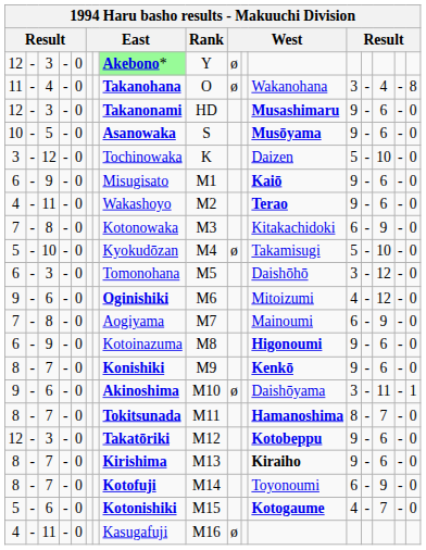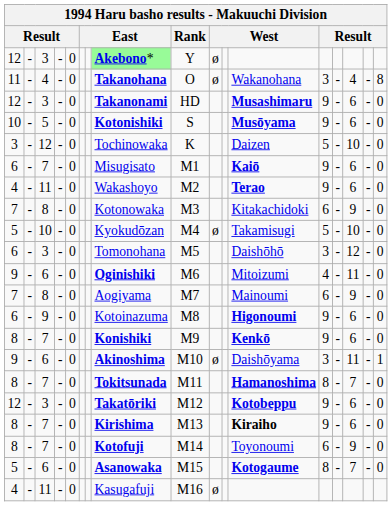 <table class="wikitable">
 <tr>
 <th colspan="17">1994 Haru basho results - Makuuchi Division</th>
 </tr>
 <tr>
 <th colspan="5">Result</th>
 <th colspan="3">East</th>
 <th>Rank</th>
 <th colspan="3">West</th>
 <th colspan="5">Result</th>
 </tr>
 <tr>
 <td align=center>12</td>
 <td align=center>-</td>
 <td align=center>3</td>
 <td align=center>-</td>
 <td align=center>0</td>
 <td align=center></td>
 <td align=center></td>
 <td style="background: PaleGreen;"><strong><a href='#'>Akebono</a></strong>*</td>
 <td align=center>Y</td>
 <td align=center>ø</td>
 <td align=center></td>
 <td></td>
 <td align=center></td>
 <td align=center></td>
 <td align=center></td>
 <td align=center></td>
 <td align=center></td>
 </tr>
 <tr>
 <td align=center>11</td>
 <td align=center>-</td>
 <td align=center>4</td>
 <td align=center>-</td>
 <td align=center>0</td>
 <td align=center></td>
 <td align=center></td>
 <td><strong><a href='#'>Takanohana</a></strong></td>
 <td align=center>O</td>
 <td align=center>ø</td>
 <td align=center></td>
 <td><a href='#'>Wakanohana</a></td>
 <td align=center>3</td>
 <td align=center>-</td>
 <td align=center>4</td>
 <td align=center>-</td>
 <td align=center>8</td>
 </tr>
 <tr>
 <td align=center>12</td>
 <td align=center>-</td>
 <td align=center>3</td>
 <td align=center>-</td>
 <td align=center>0</td>
 <td align=center></td>
 <td align=center></td>
 <td><strong><a href='#'>Takanonami</a></strong></td>
 <td align=center>HD</td>
 <td align=center></td>
 <td align=center></td>
 <td><strong><a href='#'>Musashimaru</a></strong></td>
 <td align=center>9</td>
 <td align=center>-</td>
 <td align=center>6</td>
 <td align=center>-</td>
 <td align=center>0</td>
 </tr>
 <tr>
 <td align=center>10</td>
 <td align=center>-</td>
 <td align=center>5</td>
 <td align=center>-</td>
 <td align=center>0</td>
 <td align=center></td>
 <td align=center></td>
-<td><strong><a href='#'>Asanowaka</a></strong></td>
+<td><strong><a href='#'>Kotonishiki</a></strong></td>
 <td align=center>S</td>
 <td align=center></td>
 <td align=center></td>
 <td><strong><a href='#'>Musōyama</a></strong></td>
 <td align=center>9</td>
 <td align=center>-</td>
 <td align=center>6</td>
 <td align=center>-</td>
 <td align=center>0</td>
 </tr>
 <tr>
 <td align=center>3</td>
 <td align=center>-</td>
 <td align=center>12</td>
 <td align=center>-</td>
 <td align=center>0</td>
 <td align=center></td>
 <td align=center></td>
 <td><a href='#'>Tochinowaka</a></td>
 <td align=center>K</td>
 <td align=center></td>
 <td align=center></td>
 <td><a href='#'>Daizen</a></td>
 <td align=center>5</td>
 <td align=center>-</td>
 <td align=center>10</td>
 <td align=center>-</td>
 <td align=center>0</td>
 </tr>
 <tr>
 <td align=center>6</td>
 <td align=center>-</td>
-<td align=center>9</td>
+<td align=center>7</td>
 <td align=center>-</td>
 <td align=center>0</td>
 <td align=center></td>
 <td align=center></td>
 <td><a href='#'>Misugisato</a></td>
 <td align=center>M1</td>
 <td align=center></td>
 <td align=center></td>
 <td><strong><a href='#'>Kaiō</a></strong></td>
 <td align=center>9</td>
 <td align=center>-</td>
 <td align=center>6</td>
 <td align=center>-</td>
 <td align=center>0</td>
 </tr>
 <tr>
 <td align=center>4</td>
 <td align=center>-</td>
 <td align=center>11</td>
 <td align=center>-</td>
 <td align=center>0</td>
 <td align=center></td>
 <td align=center></td>
 <td><a href='#'>Wakashoyo</a></td>
 <td align=center>M2</td>
 <td align=center></td>
 <td align=center></td>
 <td><strong><a href='#'>Terao</a></strong></td>
 <td align=center>9</td>
 <td align=center>-</td>
 <td align=center>6</td>
 <td align=center>-</td>
 <td align=center>0</td>
 </tr>
 <tr>
 <td align=center>7</td>
 <td align=center>-</td>
 <td align=center>8</td>
 <td align=center>-</td>
 <td align=center>0</td>
 <td align=center></td>
 <td align=center></td>
 <td><a href='#'>Kotonowaka</a></td>
 <td align=center>M3</td>
 <td align=center></td>
 <td align=center></td>
 <td><a href='#'>Kitakachidoki</a></td>
 <td align=center>6</td>
 <td align=center>-</td>
 <td align=center>9</td>
 <td align=center>-</td>
 <td align=center>0</td>
 </tr>
 <tr>
 <td align=center>5</td>
 <td align=center>-</td>
 <td align=center>10</td>
 <td align=center>-</td>
 <td align=center>0</td>
 <td align=center></td>
 <td align=center></td>
 <td><a href='#'>Kyokudōzan</a></td>
 <td align=center>M4</td>
 <td align=center>ø</td>
 <td align=center></td>
 <td><a href='#'>Takamisugi</a></td>
 <td align=center>5</td>
 <td align=center>-</td>
 <td align=center>10</td>
 <td align=center>-</td>
 <td align=center>0</td>
 </tr>
 <tr>
 <td align=center>6</td>
 <td align=center>-</td>
 <td align=center>3</td>
 <td align=center>-</td>
 <td align=center>0</td>
 <td align=center></td>
 <td align=center></td>
 <td><a href='#'>Tomonohana</a></td>
 <td align=center>M5</td>
 <td align=center></td>
 <td align=center></td>
 <td><a href='#'>Daishōhō</a></td>
 <td align=center>3</td>
 <td align=center>-</td>
 <td align=center>12</td>
 <td align=center>-</td>
 <td align=center>0</td>
 </tr>
 <tr>
 <td align=center>9</td>
 <td align=center>-</td>
 <td align=center>6</td>
 <td align=center>-</td>
 <td align=center>0</td>
 <td align=center></td>
 <td align=center></td>
 <td><strong><a href='#'>Oginishiki</a></strong></td>
 <td align=center>M6</td>
 <td align=center></td>
 <td align=center></td>
 <td><a href='#'>Mitoizumi</a></td>
 <td align=center>4</td>
 <td align=center>-</td>
-<td align=center>12</td>
+<td align=center>11</td>
 <td align=center>-</td>
 <td align=center>0</td>
 </tr>
 <tr>
 <td align=center>7</td>
 <td align=center>-</td>
 <td align=center>8</td>
 <td align=center>-</td>
 <td align=center>0</td>
 <td align=center></td>
 <td align=center></td>
 <td><a href='#'>Aogiyama</a></td>
 <td align=center>M7</td>
 <td align=center></td>
 <td align=center></td>
 <td><a href='#'>Mainoumi</a></td>
 <td align=center>6</td>
 <td align=center>-</td>
 <td align=center>9</td>
 <td align=center>-</td>
 <td align=center>0</td>
 </tr>
 <tr>
 <td align=center>6</td>
 <td align=center>-</td>
 <td align=center>9</td>
 <td align=center>-</td>
 <td align=center>0</td>
 <td align=center></td>
 <td align=center></td>
 <td><a href='#'>Kotoinazuma</a></td>
 <td align=center>M8</td>
 <td align=center></td>
 <td align=center></td>
 <td><strong><a href='#'>Higonoumi</a></strong></td>
 <td align=center>9</td>
 <td align=center>-</td>
 <td align=center>6</td>
 <td align=center>-</td>
 <td align=center>0</td>
 </tr>
 <tr>
 <td align=center>8</td>
 <td align=center>-</td>
 <td align=center>7</td>
 <td align=center>-</td>
 <td align=center>0</td>
 <td align=center></td>
 <td align=center></td>
 <td><strong><a href='#'>Konishiki</a></strong></td>
 <td align=center>M9</td>
 <td align=center></td>
 <td align=center></td>
 <td><strong><a href='#'>Kenkō</a></strong></td>
 <td align=center>9</td>
 <td align=center>-</td>
 <td align=center>6</td>
 <td align=center>-</td>
 <td align=center>0</td>
 </tr>
 <tr>
 <td align=center>9</td>
 <td align=center>-</td>
 <td align=center>6</td>
 <td align=center>-</td>
 <td align=center>0</td>
 <td align=center></td>
 <td align=center></td>
 <td><strong><a href='#'>Akinoshima</a></strong></td>
 <td align=center>M10</td>
 <td align=center>ø</td>
 <td align=center></td>
 <td><a href='#'>Daishōyama</a></td>
 <td align=center>3</td>
 <td align=center>-</td>
 <td align=center>11</td>
 <td align=center>-</td>
 <td align=center>1</td>
 </tr>
 <tr>
 <td align=center>8</td>
 <td align=center>-</td>
 <td align=center>7</td>
 <td align=center>-</td>
 <td align=center>0</td>
 <td align=center></td>
 <td align=center></td>
 <td><strong><a href='#'>Tokitsunada</a></strong></td>
 <td align=center>M11</td>
 <td align=center></td>
 <td align=center></td>
 <td><strong><a href='#'>Hamanoshima</a></strong></td>
 <td align=center>8</td>
 <td align=center>-</td>
 <td align=center>7</td>
 <td align=center>-</td>
 <td align=center>0</td>
 </tr>
 <tr>
 <td align=center>12</td>
 <td align=center>-</td>
 <td align=center>3</td>
 <td align=center>-</td>
 <td align=center>0</td>
 <td align=center></td>
 <td align=center></td>
 <td><strong><a href='#'>Takatōriki</a></strong></td>
 <td align=center>M12</td>
 <td align=center></td>
 <td align=center></td>
 <td><strong><a href='#'>Kotobeppu</a></strong></td>
 <td align=center>9</td>
 <td align=center>-</td>
 <td align=center>6</td>
 <td align=center>-</td>
 <td align=center>0</td>
 </tr>
 <tr>
 <td align=center>8</td>
 <td align=center>-</td>
 <td align=center>7</td>
 <td align=center>-</td>
 <td align=center>0</td>
 <td align=center></td>
 <td align=center></td>
 <td><strong><a href='#'>Kirishima</a></strong></td>
 <td align=center>M13</td>
 <td align=center></td>
 <td align=center></td>
 <td><strong>Kiraiho</strong></td>
 <td align=center>9</td>
 <td align=center>-</td>
 <td align=center>6</td>
 <td align=center>-</td>
 <td align=center>0</td>
 </tr>
 <tr>
 <td align=center>8</td>
 <td align=center>-</td>
 <td align=center>7</td>
 <td align=center>-</td>
 <td align=center>0</td>
 <td align=center></td>
 <td align=center></td>
 <td><strong><a href='#'>Kotofuji</a></strong></td>
 <td align=center>M14</td>
 <td align=center></td>
 <td align=center></td>
 <td><a href='#'>Toyonoumi</a></td>
 <td align=center>6</td>
 <td align=center>-</td>
 <td align=center>9</td>
 <td align=center>-</td>
 <td align=center>0</td>
 </tr>
 <tr>
 <td align=center>5</td>
 <td align=center>-</td>
 <td align=center>6</td>
 <td align=center>-</td>
 <td align=center>0</td>
 <td align=center></td>
 <td align=center></td>
-<td><strong><a href='#'>Kotonishiki</a></strong></td>
+<td><strong><a href='#'>Asanowaka</a></strong></td>
 <td align=center>M15</td>
 <td align=center></td>
 <td align=center></td>
 <td><strong><a href='#'>Kotogaume</a></strong></td>
-<td align=center>4</td>
+<td align=center>8</td>
 <td align=center>-</td>
 <td align=center>7</td>
 <td align=center>-</td>
 <td align=center>0</td>
 </tr>
 <tr>
 <td align=center>4</td>
 <td align=center>-</td>
 <td align=center>11</td>
 <td align=center>-</td>
 <td align=center>0</td>
 <td align=center></td>
 <td align=center></td>
 <td><a href='#'>Kasugafuji</a></td>
 <td align=center>M16</td>
 <td align=center>ø</td>
 <td align=center></td>
 <td></td>
 <td align=center></td>
 <td align=center></td>
 <td align=center></td>
 <td align=center></td>
 <td align=center></td>
 </tr>
 </table>
